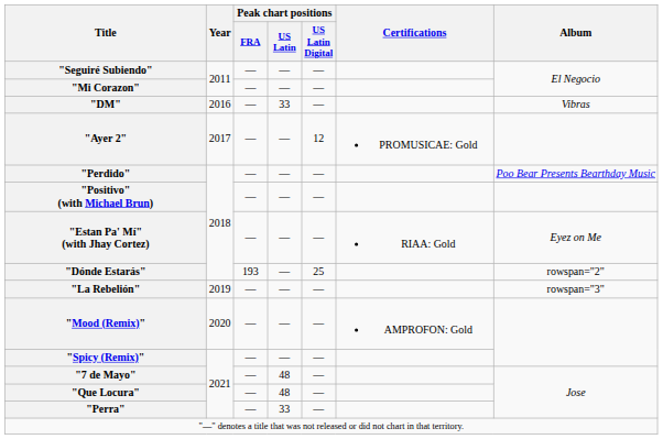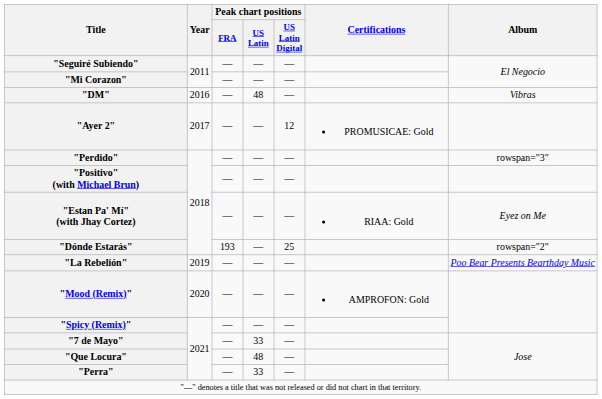 <table class="wikitable plainrowheaders" style="text-align:center;">
 <tr>
 <th scope="col" style="width:18em;" rowspan="2">Title</th>
 <th scope="col" rowspan="2">Year</th>
 <th scope="col" colspan="3">Peak chart positions</th>
 <th scope="col" rowspan="2" style="width:14em;"><a href='#'>Certifications</a></th>
 <th scope="col" rowspan="2">Album</th>
 </tr>
 <tr>
 <th scope="col" style="width:3em;font-size:90%;"><a href='#'>FRA</a><br></th>
 <th scope="col" style="width:3em;font-size:90%;"><a href='#'>US <br>Latin</a><br></th>
 <th scope="col" style="width:3em;font-size:90%;"><a href='#'>US<br>Latin<br>Digital</a><br></th>
 </tr>
 <tr>
 <th scope="row">"Seguiré Subiendo"</th>
 <td align="center" rowspan="2">2011</td>
 <td>—</td>
 <td>—</td>
 <td>—</td>
 <td></td>
 <td rowspan="2"><em>El Negocio</em></td>
 </tr>
 <tr>
 <th scope="row">"Mi Corazon"</th>
 <td>—</td>
 <td>—</td>
 <td>—</td>
 <td></td>
 </tr>
 <tr>
 <th scope="row">"DM" <br></th>
 <td>2016</td>
 <td>—</td>
-<td>33</td>
+<td>48</td>
 <td>—</td>
 <td></td>
 <td><em>Vibras</em></td>
 </tr>
 <tr>
 <th scope="row">"Ayer 2"<br></th>
 <td>2017</td>
 <td>—</td>
 <td>—</td>
 <td>12</td>
 <td><br><ul><li>PROMUSICAE: Gold</li></ul></td>
 </tr>
 <tr>
 <th scope="row">"Perdido"<br></th>
 <td rowspan="4">2018</td>
 <td>—</td>
 <td>—</td>
 <td>—</td>
 <td></td>
-<td><em><a href='#'>Poo Bear Presents Bearthday Music</a></em></td>
+<td>rowspan="3" </td>
 </tr>
 <tr>
 <th scope="row">"Positivo"<br><span>(with <a href='#'>Michael Brun</a>)</span></th>
 <td>—</td>
 <td>—</td>
 <td>—</td>
 <td></td>
 <td></td>
 </tr>
 <tr>
 <th scope="row">"Estan Pa' Mí"<br><span>(with Jhay Cortez)</span></th>
 <td>—</td>
 <td>—</td>
 <td>—</td>
 <td><br><ul><li>RIAA: Gold </li></ul></td>
 <td><em>Eyez on Me</em></td>
 </tr>
 <tr>
 <th scope="row">"Dónde Estarás"</th>
 <td>193</td>
 <td>—</td>
 <td>25</td>
 <td></td>
 <td>rowspan="2" </td>
 </tr>
 <tr>
 <th scope="row">"La Rebelión"</th>
 <td>2019</td>
 <td>—</td>
 <td>—</td>
 <td>—</td>
 <td></td>
-<td>rowspan="3" </td>
+<td><em><a href='#'>Poo Bear Presents Bearthday Music</a></em></td>
 </tr>
 <tr>
 <th scope="row">"<a href='#'>Mood (Remix)</a>"<br></th>
 <td>2020</td>
 <td>—</td>
 <td>—</td>
 <td>—</td>
 <td><br><ul><li>AMPROFON: Gold</li></ul></td>
 </tr>
 <tr>
 <th scope="row">"<a href='#'>Spicy (Remix)</a>"<br></th>
 <td rowspan="4">2021</td>
 <td>—</td>
 <td>—</td>
 <td>—</td>
 <td></td>
 </tr>
 <tr>
 <th scope="row">"7 de Mayo"</th>
 <td>—</td>
-<td>48</td>
+<td>33</td>
 <td>—</td>
 <td></td>
 <td rowspan="3"><em>Jose</em></td>
 </tr>
 <tr>
 <th scope="row">"Que Locura"</th>
 <td>—</td>
 <td>48</td>
 <td>—</td>
 <td></td>
 </tr>
 <tr>
 <th scope="row">"Perra"<br></th>
 <td>—</td>
 <td>33</td>
 <td>—</td>
 <td></td>
 </tr>
 <tr>
 <td colspan="14" style="text-align:center; font-size:10pt;">"—" denotes a title that was not released or did not chart in that territory.</td>
 </tr>
 </table>
